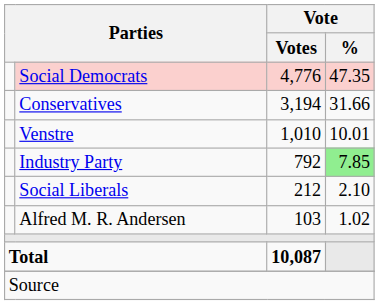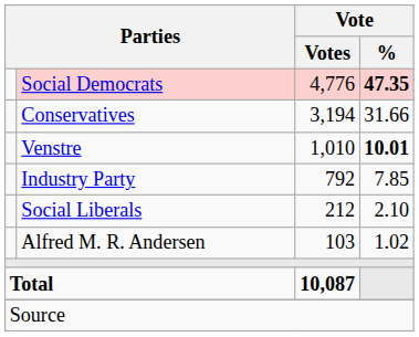 <table class="wikitable" style="text-align:right;">
 <tr>
 <th style="text-align:centre;" rowspan="2" colspan="2" width="225">Parties</th>
 <th colspan="3">Vote</th>
 </tr>
 <tr>
 <th width="15">Votes</th>
 <th width="15">%</th>
 </tr>
 <tr>
 <td width="2" style="color:inherit;background:"></td>
 <td bgcolor=#fbd0ce  align="left"><a href='#'>Social Democrats</a></td>
 <td bgcolor=#fbd0ce>4,776</td>
-<td bgcolor=#fbd0ce>47.35</td>
+<td bgcolor=#fbd0ce><strong>47.35</strong></td>
 </tr>
 <tr>
 <td width="2" style="color:inherit;background:"></td>
 <td align="left"><a href='#'>Conservatives</a></td>
 <td>3,194</td>
 <td>31.66</td>
 </tr>
 <tr>
 <td width="2" style="color:inherit;background:"></td>
 <td align="left"><a href='#'>Venstre</a></td>
 <td>1,010</td>
-<td>10.01</td>
+<td><strong>10.01</strong></td>
 </tr>
 <tr>
 <td width="2" style="color:inherit;background:"></td>
 <td align="left"><a href='#'>Industry Party</a></td>
 <td>792</td>
-<td style="background: lightgreen;">7.85</td>
+<td>7.85</td>
 </tr>
 <tr>
 <td width="2" style="color:inherit;background:"></td>
 <td align="left"><a href='#'>Social Liberals</a></td>
 <td>212</td>
 <td>2.10</td>
 </tr>
 <tr>
 <td width="2" style="color:inherit;background:"></td>
 <td align="left">Alfred M. R. Andersen</td>
 <td>103</td>
 <td>1.02</td>
 </tr>
 <tr>
 <td colspan="7" bgcolor="#E9E9E9"></td>
 </tr>
 <tr>
 <td align="left" colspan="2"><strong>Total</strong></td>
 <td><strong>10,087</strong></td>
 <td bgcolor="#E9E9E9" colspan="2"></td>
 </tr>
 <tr>
 </tr>
 <tr>
 <td align="left" colspan="6">Source</td>
 </tr>
 </table>
